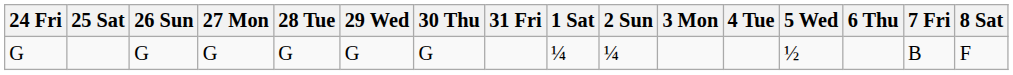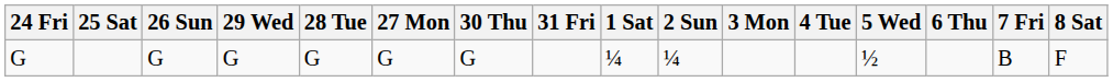 <table class="wikitable olympic-schedule football">
 <tr>
 <th>24 Fri</th>
 <th>25 Sat</th>
 <th>26 Sun</th>
+<th>29 Wed</th>
+<th>28 Tue</th>
 <th>27 Mon</th>
-<th>28 Tue</th>
-<th>29 Wed</th>
 <th>30 Thu</th>
 <th>31 Fri</th>
 <th>1 Sat</th>
 <th>2 Sun</th>
 <th>3 Mon</th>
 <th>4 Tue</th>
 <th>5 Wed</th>
 <th>6 Thu</th>
 <th>7 Fri</th>
 <th>8 Sat</th>
 </tr>
 <tr>
 <td class="team-group">G</td>
 <td></td>
 <td class="team-group">G</td>
 <td class="team-group">G</td>
 <td class="team-group">G</td>
 <td class="team-group">G</td>
 <td class="team-group">G</td>
 <td></td>
 <td class="team-qf">¼</td>
 <td class="team-qf">¼</td>
 <td></td>
 <td></td>
 <td class="team-sf">½</td>
 <td></td>
 <td class="team-bronze">B</td>
 <td class="team-final">F</td>
 </tr>
 </table>
